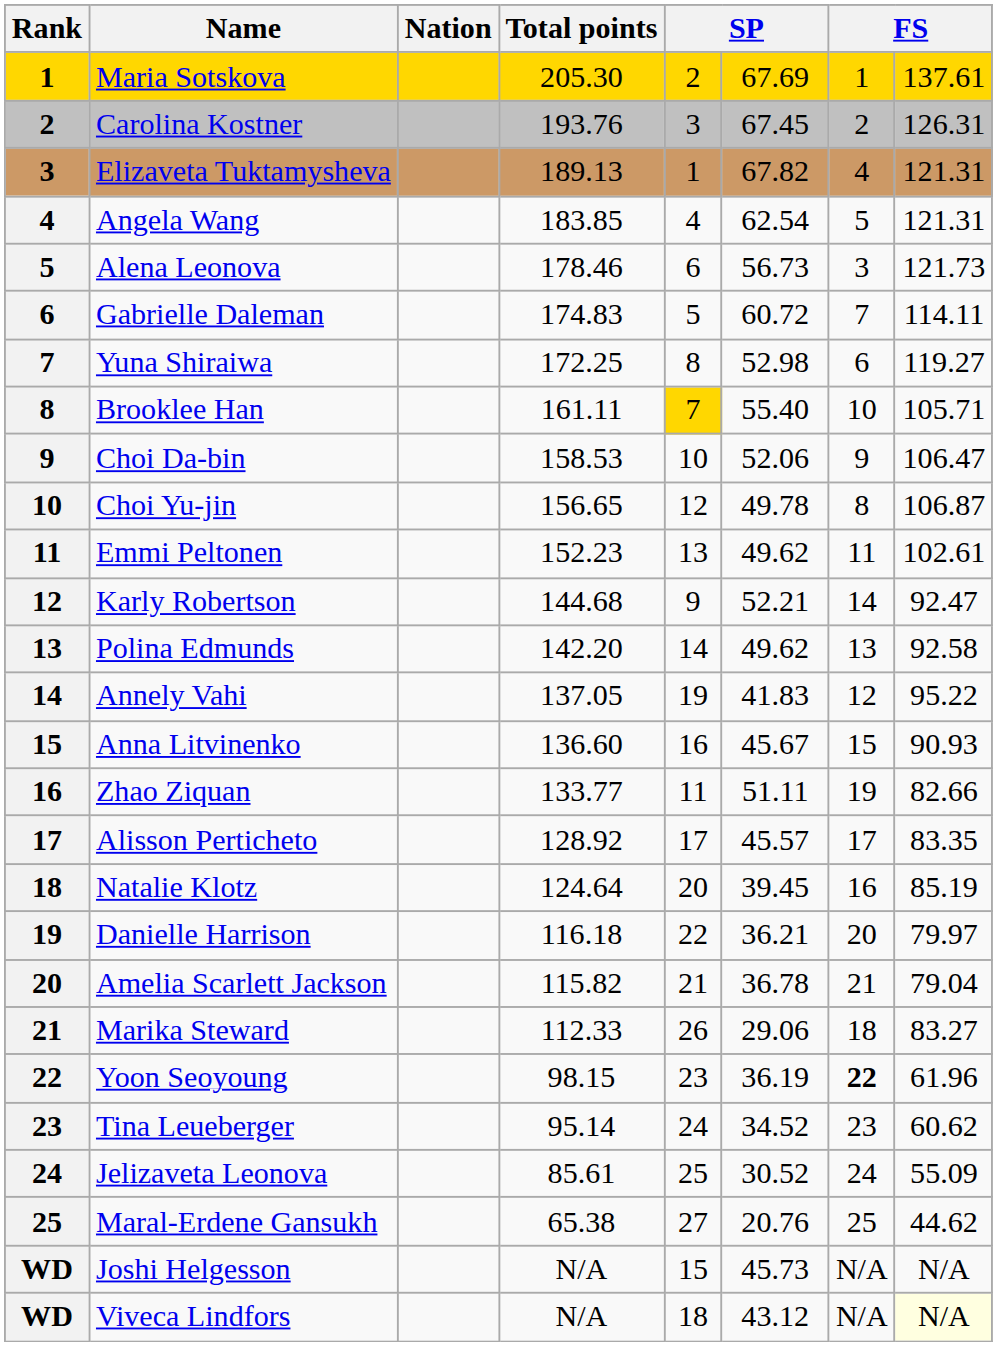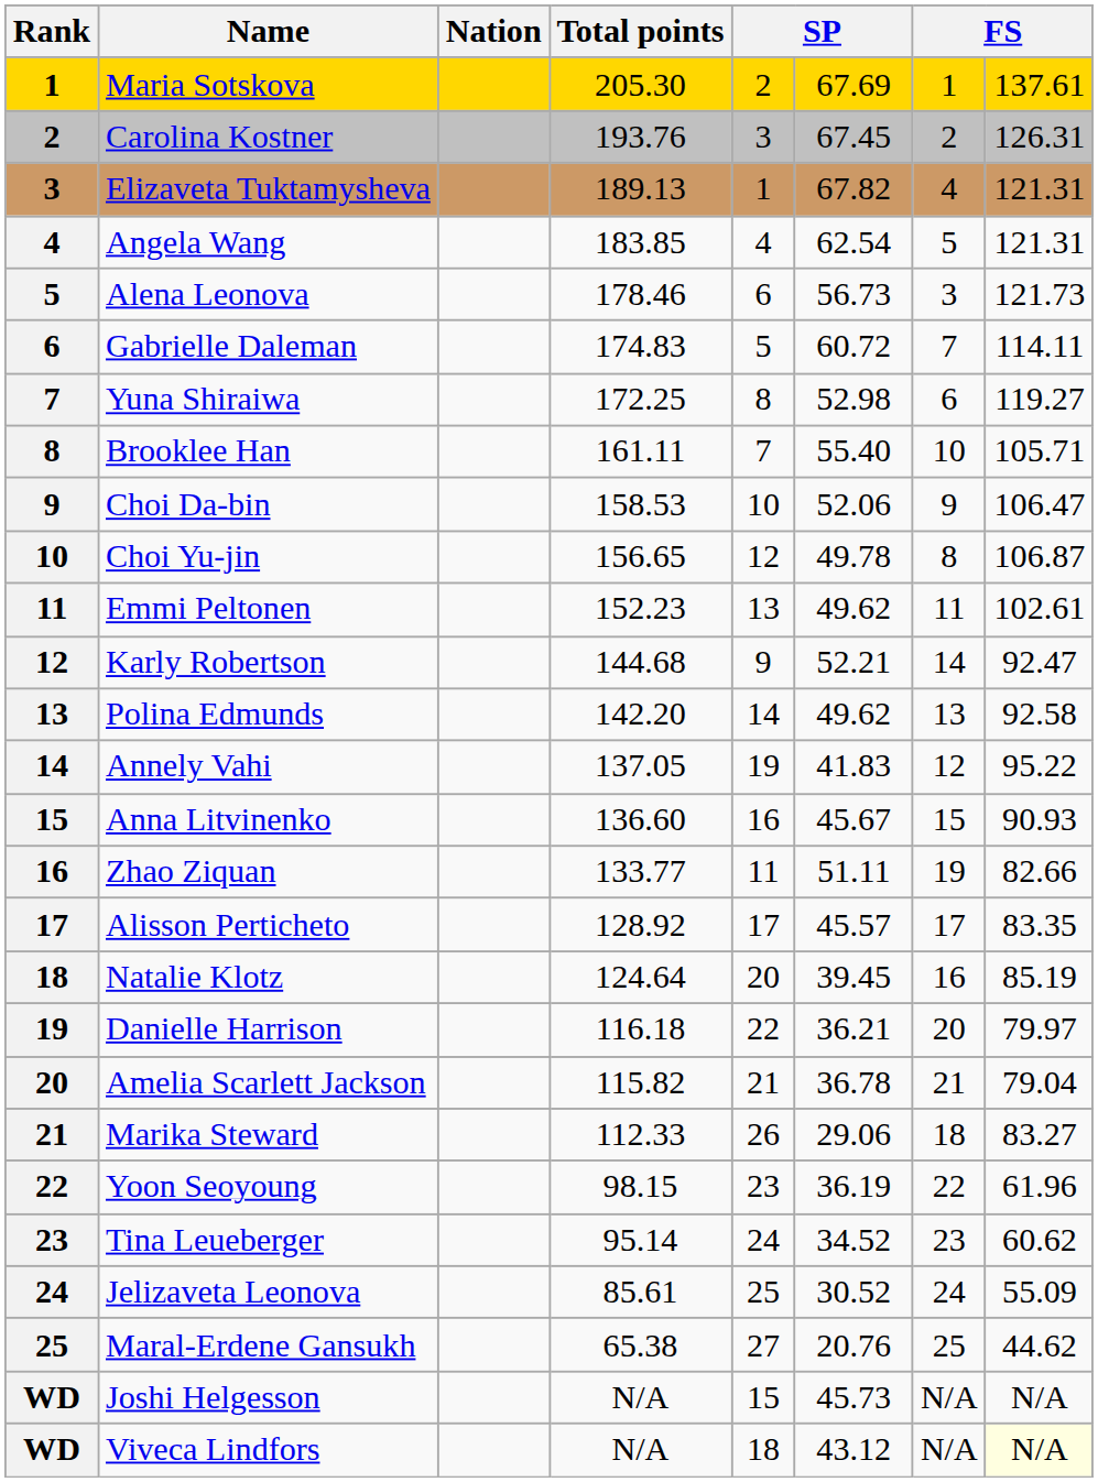 <table class="wikitable sortable">
 <tr>
 <th>Rank</th>
 <th>Name</th>
 <th>Nation</th>
 <th>Total points</th>
 <th colspan="2" width="80px"><a href='#'>SP</a></th>
 <th colspan="2" width="80px"><a href='#'>FS</a></th>
 </tr>
 <tr bgcolor="gold">
 <td align="center"><strong>1</strong></td>
 <td><a href='#'>Maria Sotskova</a></td>
 <td></td>
 <td align="center">205.30</td>
 <td align="center">2</td>
 <td align="center">67.69</td>
 <td align="center">1</td>
 <td align="center">137.61</td>
 </tr>
 <tr bgcolor="silver">
 <td align="center"><strong>2</strong></td>
 <td><a href='#'>Carolina Kostner</a></td>
 <td></td>
 <td align="center">193.76</td>
 <td align="center">3</td>
 <td align="center">67.45</td>
 <td align="center">2</td>
 <td align="center">126.31</td>
 </tr>
 <tr bgcolor="cc9966">
 <td align="center"><strong>3</strong></td>
 <td><a href='#'>Elizaveta Tuktamysheva</a></td>
 <td></td>
 <td align="center">189.13</td>
 <td align="center">1</td>
 <td align="center">67.82</td>
 <td align="center">4</td>
 <td align="center">121.31</td>
 </tr>
 <tr>
 <th>4</th>
 <td><a href='#'>Angela Wang</a></td>
 <td></td>
 <td align="center">183.85</td>
 <td align="center">4</td>
 <td align="center">62.54</td>
 <td align="center">5</td>
 <td align="center">121.31</td>
 </tr>
 <tr>
 <th>5</th>
 <td><a href='#'>Alena Leonova</a></td>
 <td></td>
 <td align="center">178.46</td>
 <td align="center">6</td>
 <td align="center">56.73</td>
 <td align="center">3</td>
 <td align="center">121.73</td>
 </tr>
 <tr>
 <th>6</th>
 <td><a href='#'>Gabrielle Daleman</a></td>
 <td></td>
 <td align="center">174.83</td>
 <td align="center">5</td>
 <td align="center">60.72</td>
 <td align="center">7</td>
 <td align="center">114.11</td>
 </tr>
 <tr>
 <th>7</th>
 <td><a href='#'>Yuna Shiraiwa</a></td>
 <td></td>
 <td align="center">172.25</td>
 <td align="center">8</td>
 <td align="center">52.98</td>
 <td align="center">6</td>
 <td align="center">119.27</td>
 </tr>
 <tr>
 <th>8</th>
 <td><a href='#'>Brooklee Han</a></td>
 <td></td>
 <td align="center">161.11</td>
-<td align="center" style="background: gold;">7</td>
+<td align="center">7</td>
 <td align="center">55.40</td>
 <td align="center">10</td>
 <td align="center">105.71</td>
 </tr>
 <tr>
 <th>9</th>
 <td><a href='#'>Choi Da-bin</a></td>
 <td></td>
 <td align="center">158.53</td>
 <td align="center">10</td>
 <td align="center">52.06</td>
 <td align="center">9</td>
 <td align="center">106.47</td>
 </tr>
 <tr>
 <th>10</th>
 <td><a href='#'>Choi Yu-jin</a></td>
 <td></td>
 <td align="center">156.65</td>
 <td align="center">12</td>
 <td align="center">49.78</td>
 <td align="center">8</td>
 <td align="center">106.87</td>
 </tr>
 <tr>
 <th>11</th>
 <td><a href='#'>Emmi Peltonen</a></td>
 <td></td>
 <td align="center">152.23</td>
 <td align="center">13</td>
 <td align="center">49.62</td>
 <td align="center">11</td>
 <td align="center">102.61</td>
 </tr>
 <tr>
 <th>12</th>
 <td><a href='#'>Karly Robertson</a></td>
 <td></td>
 <td align="center">144.68</td>
 <td align="center">9</td>
 <td align="center">52.21</td>
 <td align="center">14</td>
 <td align="center">92.47</td>
 </tr>
 <tr>
 <th>13</th>
 <td><a href='#'>Polina Edmunds</a></td>
 <td></td>
 <td align="center">142.20</td>
 <td align="center">14</td>
 <td align="center">49.62</td>
 <td align="center">13</td>
 <td align="center">92.58</td>
 </tr>
 <tr>
 <th>14</th>
 <td><a href='#'>Annely Vahi</a></td>
 <td></td>
 <td align="center">137.05</td>
 <td align="center">19</td>
 <td align="center">41.83</td>
 <td align="center">12</td>
 <td align="center">95.22</td>
 </tr>
 <tr>
 <th>15</th>
 <td><a href='#'>Anna Litvinenko</a></td>
 <td></td>
 <td align="center">136.60</td>
 <td align="center">16</td>
 <td align="center">45.67</td>
 <td align="center">15</td>
 <td align="center">90.93</td>
 </tr>
 <tr>
 <th>16</th>
 <td><a href='#'>Zhao Ziquan</a></td>
 <td></td>
 <td align="center">133.77</td>
 <td align="center">11</td>
 <td align="center">51.11</td>
 <td align="center">19</td>
 <td align="center">82.66</td>
 </tr>
 <tr>
 <th>17</th>
 <td><a href='#'>Alisson Perticheto</a></td>
 <td></td>
 <td align="center">128.92</td>
 <td align="center">17</td>
 <td align="center">45.57</td>
 <td align="center">17</td>
 <td align="center">83.35</td>
 </tr>
 <tr>
 <th>18</th>
 <td><a href='#'>Natalie Klotz</a></td>
 <td></td>
 <td align="center">124.64</td>
 <td align="center">20</td>
 <td align="center">39.45</td>
 <td align="center">16</td>
 <td align="center">85.19</td>
 </tr>
 <tr>
 <th>19</th>
 <td><a href='#'>Danielle Harrison</a></td>
 <td></td>
 <td align="center">116.18</td>
 <td align="center">22</td>
 <td align="center">36.21</td>
 <td align="center">20</td>
 <td align="center">79.97</td>
 </tr>
 <tr>
 <th>20</th>
 <td><a href='#'>Amelia Scarlett Jackson</a></td>
 <td></td>
 <td align="center">115.82</td>
 <td align="center">21</td>
 <td align="center">36.78</td>
 <td align="center">21</td>
 <td align="center">79.04</td>
 </tr>
 <tr>
 <th>21</th>
 <td><a href='#'>Marika Steward</a></td>
 <td></td>
 <td align="center">112.33</td>
 <td align="center">26</td>
 <td align="center">29.06</td>
 <td align="center">18</td>
 <td align="center">83.27</td>
 </tr>
 <tr>
 <th>22</th>
 <td><a href='#'>Yoon Seoyoung</a></td>
 <td></td>
 <td align="center">98.15</td>
 <td align="center">23</td>
 <td align="center">36.19</td>
-<td align="center"><strong>22</strong></td>
+<td align="center">22</td>
 <td align="center">61.96</td>
 </tr>
 <tr>
 <th>23</th>
 <td><a href='#'>Tina Leueberger</a></td>
 <td></td>
 <td align="center">95.14</td>
 <td align="center">24</td>
 <td align="center">34.52</td>
 <td align="center">23</td>
 <td align="center">60.62</td>
 </tr>
 <tr>
 <th>24</th>
 <td><a href='#'>Jelizaveta Leonova</a></td>
 <td></td>
 <td align="center">85.61</td>
 <td align="center">25</td>
 <td align="center">30.52</td>
 <td align="center">24</td>
 <td align="center">55.09</td>
 </tr>
 <tr>
 <th>25</th>
 <td><a href='#'>Maral-Erdene Gansukh</a></td>
 <td></td>
 <td align="center">65.38</td>
 <td align="center">27</td>
 <td align="center">20.76</td>
 <td align="center">25</td>
 <td align="center">44.62</td>
 </tr>
 <tr>
 <th>WD</th>
 <td><a href='#'>Joshi Helgesson</a></td>
 <td></td>
 <td align="center">N/A</td>
 <td align="center">15</td>
 <td align="center">45.73</td>
 <td align="center">N/A</td>
 <td align="center">N/A</td>
 </tr>
 <tr>
 <th>WD</th>
 <td><a href='#'>Viveca Lindfors</a></td>
 <td></td>
 <td align="center">N/A</td>
 <td align="center">18</td>
 <td align="center">43.12</td>
 <td align="center">N/A</td>
 <td align="center" style="background: lightyellow;">N/A</td>
 </tr>
 </table>
